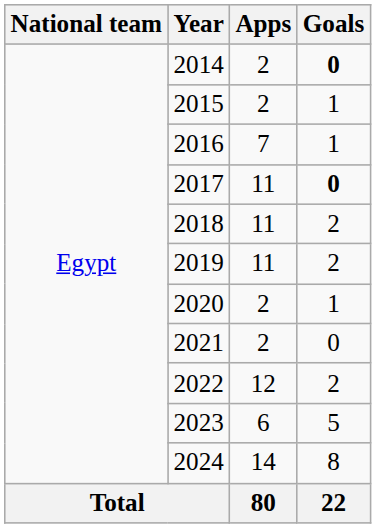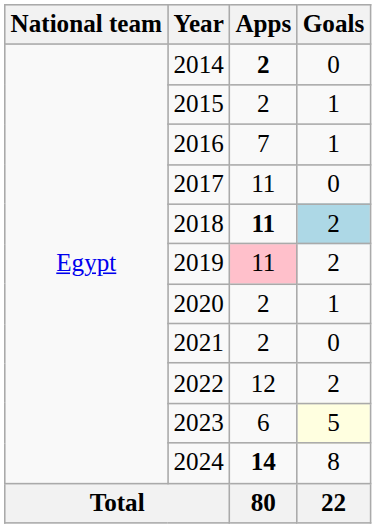 <table class="wikitable" style="text-align:center">
 <tr>
 <th>National team</th>
 <th>Year</th>
 <th>Apps</th>
 <th>Goals</th>
 </tr>
 <tr>
 <td rowspan="11"><a href='#'>Egypt</a></td>
 <td>2014</td>
-<td>2</td>
-<td><strong>0</strong></td>
+<td><strong>2</strong></td>
+<td>0</td>
 </tr>
 <tr>
 <td>2015</td>
 <td>2</td>
 <td>1</td>
 </tr>
 <tr>
 <td>2016</td>
 <td>7</td>
 <td>1</td>
 </tr>
 <tr>
 <td>2017</td>
 <td>11</td>
-<td><strong>0</strong></td>
+<td>0</td>
 </tr>
 <tr>
 <td>2018</td>
-<td>11</td>
-<td>2</td>
+<td><strong>11</strong></td>
+<td style="background: lightblue;">2</td>
 </tr>
 <tr>
 <td>2019</td>
-<td>11</td>
+<td style="background: pink;">11</td>
 <td>2</td>
 </tr>
 <tr>
 <td>2020</td>
 <td>2</td>
 <td>1</td>
 </tr>
 <tr>
 <td>2021</td>
 <td>2</td>
 <td>0</td>
 </tr>
 <tr>
 <td>2022</td>
 <td>12</td>
 <td>2</td>
 </tr>
 <tr>
 <td>2023</td>
 <td>6</td>
-<td>5</td>
+<td style="background: lightyellow;">5</td>
 </tr>
 <tr>
 <td>2024</td>
-<td>14</td>
+<td><strong>14</strong></td>
 <td>8</td>
 </tr>
 <tr>
 <th colspan="2">Total</th>
 <th>80</th>
 <th>22</th>
 </tr>
 </table>
